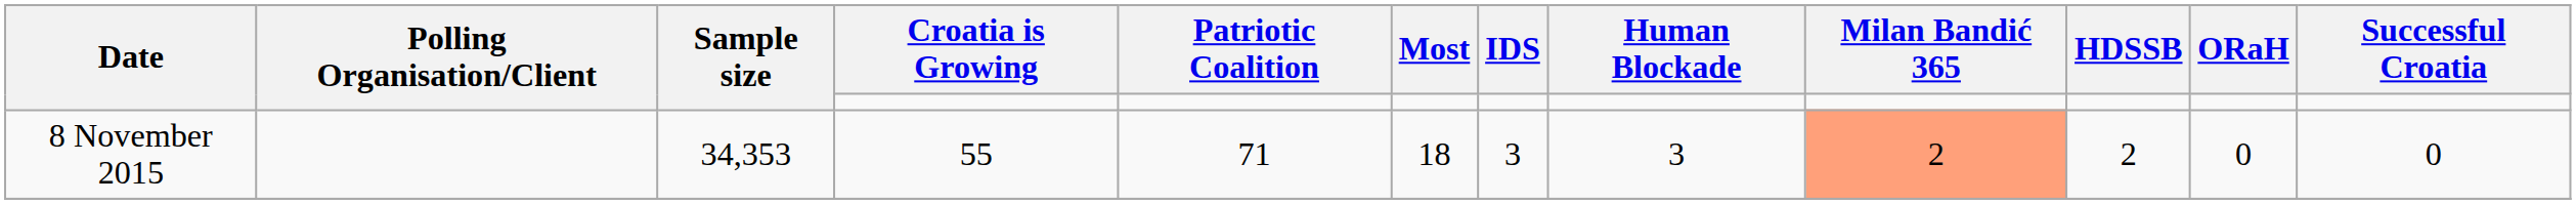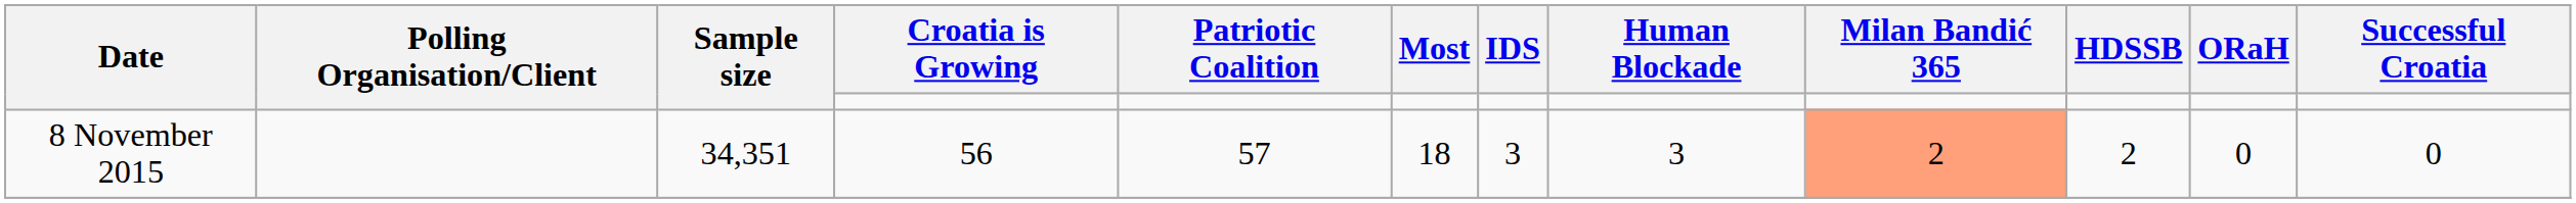 <table class="wikitable" style="text-align:center;">
 <tr>
 <th rowspan=2>Date</th>
 <th rowspan=2>Polling Organisation/Client</th>
 <th rowspan=2>Sample size</th>
 <th><a href='#'>Croatia is Growing</a></th>
 <th><a href='#'>Patriotic Coalition</a></th>
 <th><a href='#'>Most</a></th>
 <th><a href='#'>IDS</a></th>
 <th><a href='#'>Human Blockade</a></th>
 <th><a href='#'>Milan Bandić 365</a></th>
 <th><a href='#'>HDSSB</a></th>
 <th><a href='#'>ORaH</a></th>
 <th><a href='#'>Successful Croatia</a></th>
 </tr>
 <tr>
 <td style="background: "></td>
 <td style="background: "></td>
 <td style="background: "></td>
 <td style="background: "></td>
 <td style="background: "></td>
 <td style="background: "></td>
 <td style="background: "></td>
 <td style="background: "></td>
 <td style="background: "></td>
 </tr>
 <tr>
 <td>8 November 2015</td>
 <td></td>
-<td>34,353</td>
-<td align=center>55</td>
-<td align=center>71</td>
+<td>34,351</td>
+<td align=center>56</td>
+<td align=center>57</td>
 <td align=center>18</td>
 <td align=center>3</td>
 <td align=center>3</td>
 <td align=center style="background: lightsalmon;">2</td>
 <td align=center>2</td>
 <td align=center>0</td>
 <td align=center>0</td>
 </tr>
 <tr>
 </tr>
 </table>
